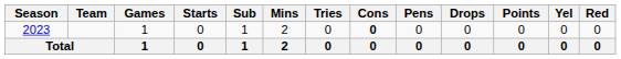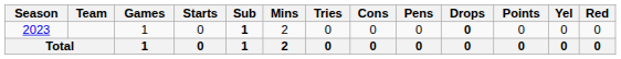 <table class="wikitable" style="text-align:center; line-height:90%; font-size:95%; width:60%;">
 <tr>
 <th>Season</th>
 <th>Team</th>
 <th>Games</th>
 <th>Starts</th>
 <th>Sub</th>
 <th>Mins</th>
 <th>Tries</th>
 <th>Cons</th>
 <th>Pens</th>
 <th>Drops</th>
 <th>Points</th>
 <th>Yel</th>
 <th>Red</th>
 </tr>
 <tr>
 <td><a href='#'>2023</a></td>
 <td></td>
 <td>1</td>
 <td>0</td>
-<td>1</td>
+<td><strong>1</strong></td>
 <td>2</td>
 <td>0</td>
-<td><strong>0</strong></td>
 <td>0</td>
 <td>0</td>
+<td><strong>0</strong></td>
 <td>0</td>
 <td>0</td>
 <td>0</td>
 </tr>
 <tr>
 <th colspan="2">Total</th>
 <th>1</th>
 <th>0</th>
 <th>1</th>
 <th>2</th>
 <th>0</th>
 <th>0</th>
 <th>0</th>
 <th>0</th>
 <th>0</th>
 <th>0</th>
 <th>0</th>
 </tr>
 </table>
